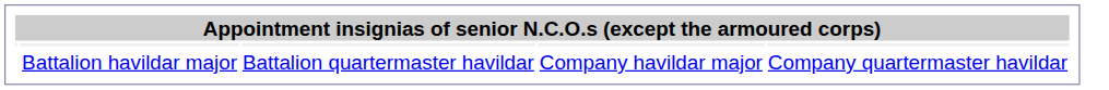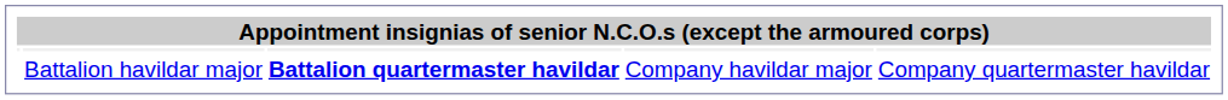 <table style="border:1px solid #8888aa; background:#fff; padding:5px; font-size:95%; margin:0 12px 12px 0;">
 <tr style="background:#ccc;">
 <th colspan=5>Appointment insignias of senior N.C.O.s (except the armoured corps)</th>
 </tr>
 <tr style="text-align:center; background:#efefef;">
 <th></th>
 <td></td>
 <td></td>
 <td></td>
 <td></td>
 </tr>
 <tr style="text-align:center;">
 <td></td>
 <td><a href='#'>Battalion havildar major</a></td>
-<td><a href='#'>Battalion quartermaster havildar</a></td>
+<td><strong><a href='#'>Battalion quartermaster havildar</a></strong></td>
 <td><a href='#'>Company havildar major</a></td>
 <td><a href='#'>Company quartermaster havildar</a></td>
 </tr>
 </table>
